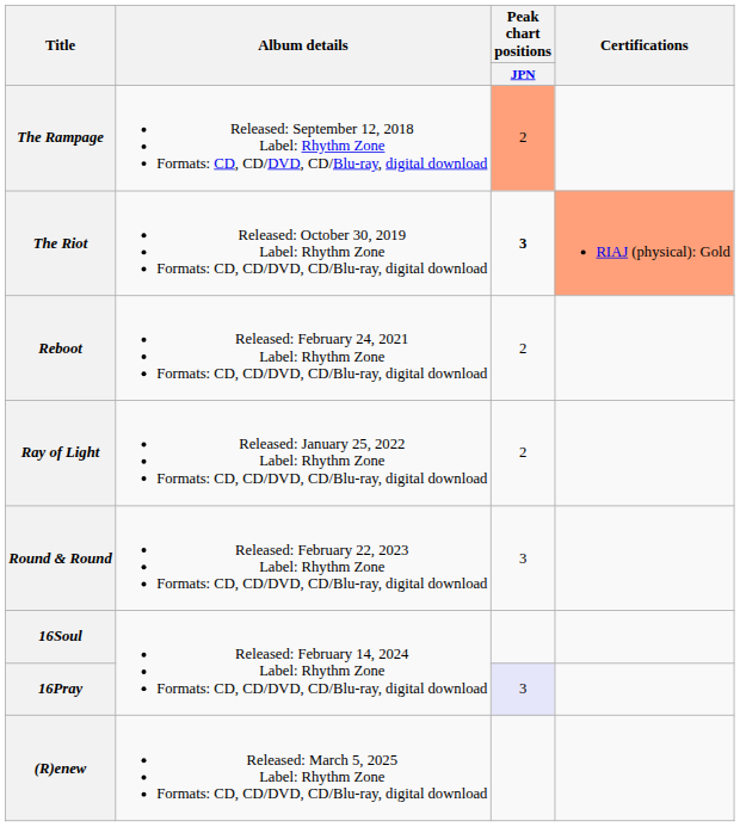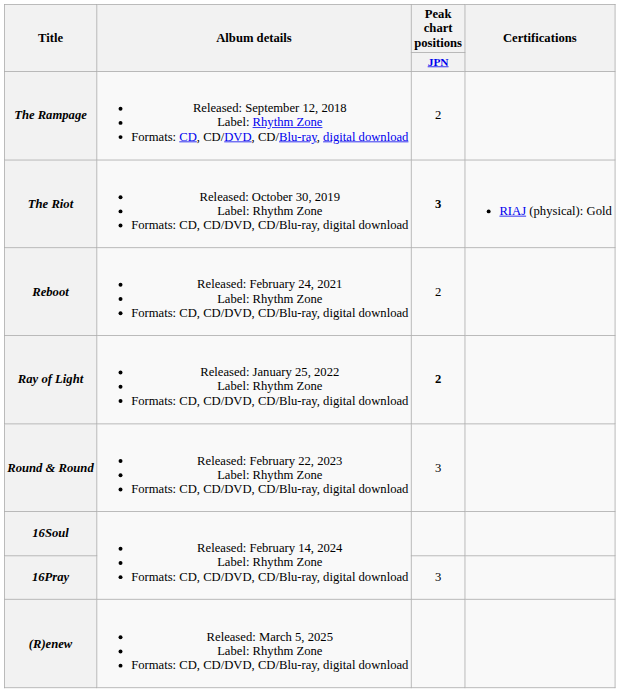 <table class="wikitable plainrowheaders" style="text-align:center;">
 <tr>
 <th scope="col" rowspan="2">Title</th>
 <th scope="col" rowspan="2">Album details</th>
 <th scope="col">Peak chart positions</th>
 <th scope="col" rowspan="2">Certifications</th>
 </tr>
 <tr>
 <th scope="col" style="font-size:90%; width:3em"><a href='#'>JPN</a><br></th>
 </tr>
 <tr>
 <th scope="row"><em>The Rampage</em></th>
 <td><br><ul><li>Released: September 12, 2018 </li><li>Label: <a href='#'>Rhythm Zone</a></li><li>Formats: <a href='#'>CD</a>, CD/<a href='#'>DVD</a>, CD/<a href='#'>Blu-ray</a>, <a href='#'>digital download</a></li></ul></td>
-<td style="background: lightsalmon;">2</td>
+<td>2</td>
 <td></td>
 </tr>
 <tr>
 <th scope="row"><em>The Riot</em></th>
 <td><br><ul><li>Released: October 30, 2019 </li><li>Label: Rhythm Zone</li><li>Formats: CD, CD/DVD, CD/Blu-ray, digital download</li></ul></td>
 <td><strong>3</strong></td>
-<td style="background: lightsalmon;"><br><ul><li><a href='#'>RIAJ</a> <span>(physical)</span>: Gold</li></ul></td>
+<td><br><ul><li><a href='#'>RIAJ</a> <span>(physical)</span>: Gold</li></ul></td>
 </tr>
 <tr>
 <th scope="row"><em>Reboot</em></th>
 <td><br><ul><li>Released: February 24, 2021 </li><li>Label: Rhythm Zone</li><li>Formats: CD, CD/DVD, CD/Blu-ray, digital download</li></ul></td>
 <td>2</td>
 <td></td>
 </tr>
 <tr>
 <th scope="row"><em>Ray of Light</em></th>
 <td><br><ul><li>Released: January 25, 2022 </li><li>Label: Rhythm Zone</li><li>Formats: CD, CD/DVD, CD/Blu-ray, digital download</li></ul></td>
-<td>2</td>
+<td><strong>2</strong></td>
 <td></td>
 </tr>
 <tr>
 <th scope="row"><em>Round & Round</em></th>
 <td><br><ul><li>Released: February 22, 2023 </li><li>Label: Rhythm Zone</li><li>Formats: CD, CD/DVD, CD/Blu-ray, digital download</li></ul></td>
 <td>3</td>
 <td></td>
 </tr>
 <tr>
 <th scope="row"><em>16Soul</em></th>
 <td rowspan="2"><br><ul><li>Released: February 14, 2024 </li><li>Label: Rhythm Zone</li><li>Formats: CD, CD/DVD, CD/Blu-ray, digital download</li></ul></td>
 <td></td>
 <td></td>
 </tr>
 <tr>
 <th scope="row"><em>16Pray</em></th>
-<td style="background: lavender;">3</td>
+<td>3</td>
 <td></td>
 </tr>
 <tr>
 <th scope="row"><em>(R)enew</em></th>
 <td><br><ul><li>Released: March 5, 2025 </li><li>Label: Rhythm Zone</li><li>Formats: CD, CD/DVD, CD/Blu-ray, digital download</li></ul></td>
 <td></td>
 <td></td>
 </tr>
 </table>
